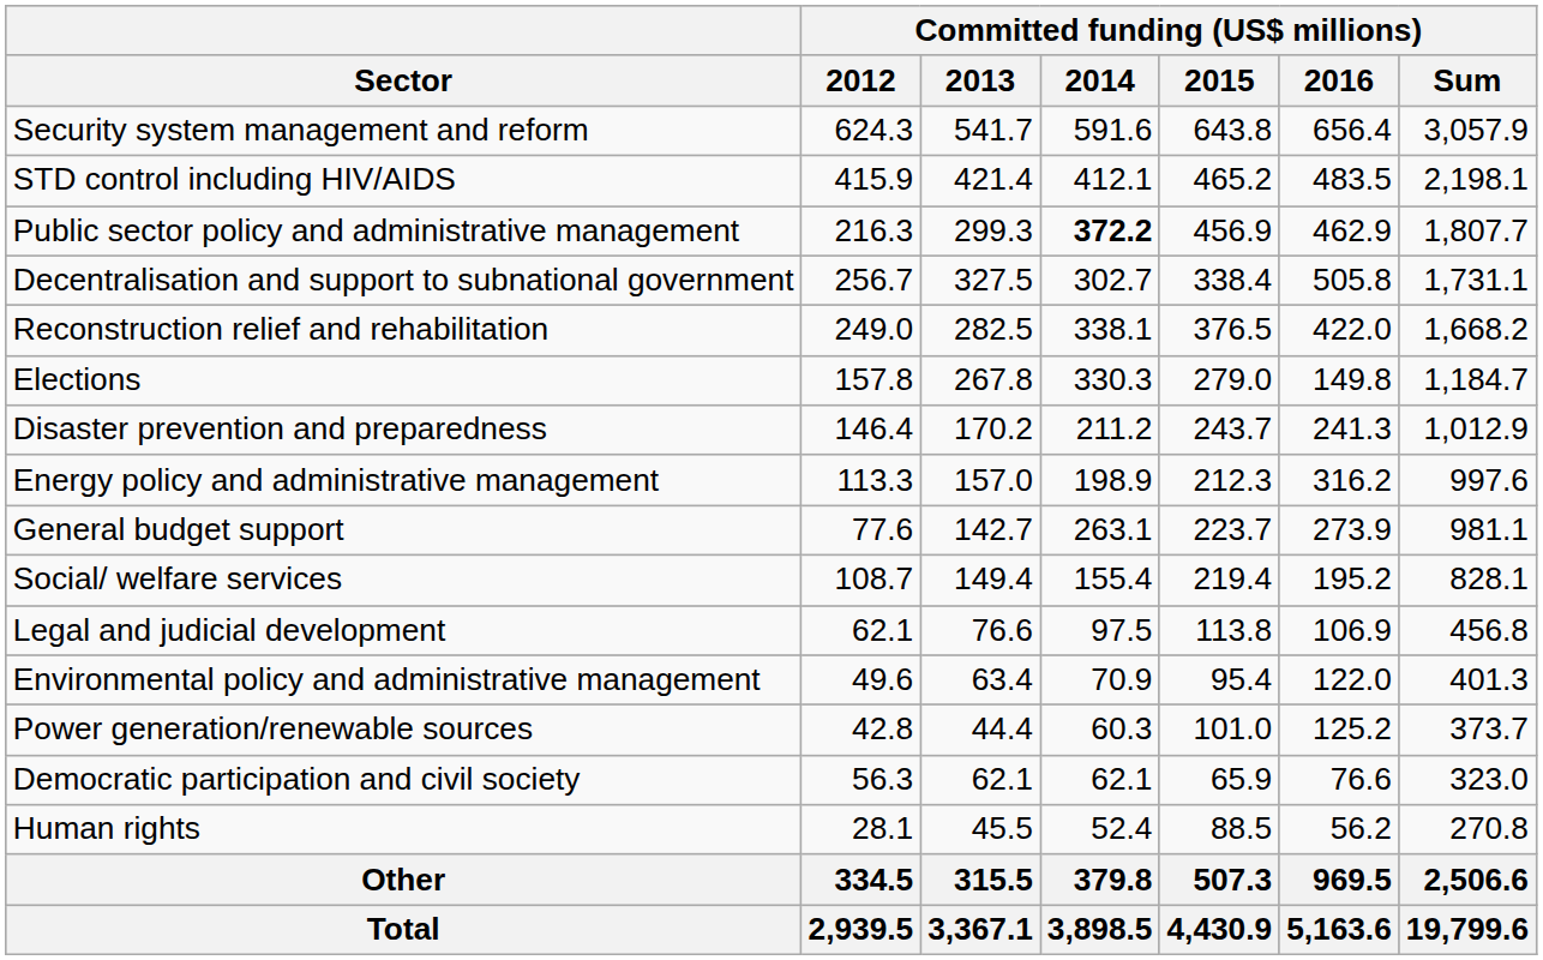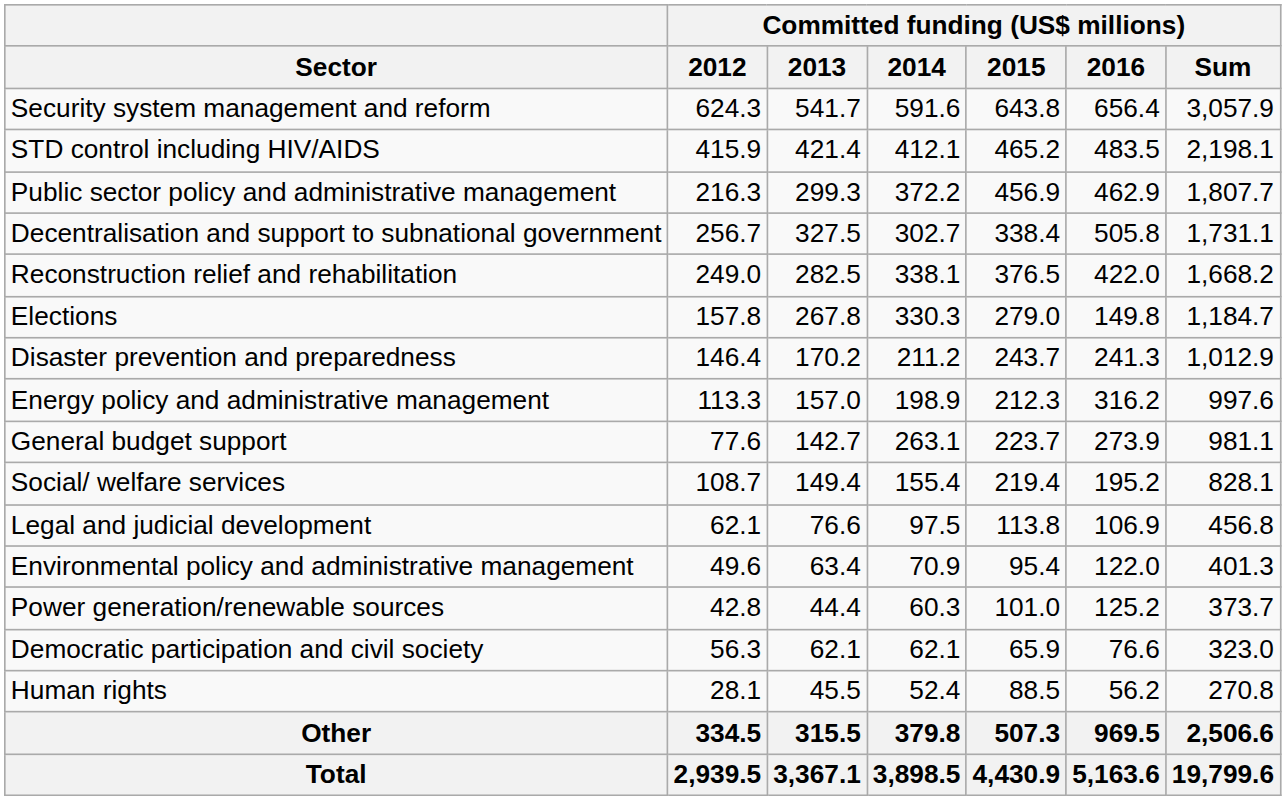 <table class="sortable wikitable">
 <tr>
 <th></th>
 <th colspan="7">Committed funding (US$ millions)</th>
 </tr>
 <tr>
 <th>Sector</th>
 <th>2012</th>
 <th>2013</th>
 <th>2014</th>
 <th>2015</th>
 <th>2016</th>
 <th>Sum</th>
 </tr>
 <tr>
 <td>Security system management and reform</td>
 <td style="text-align:right;">624.3</td>
 <td style="text-align:right;">541.7</td>
 <td style="text-align:right;">591.6</td>
 <td style="text-align:right;">643.8</td>
 <td style="text-align:right;">656.4</td>
 <td style="text-align:right;">3,057.9</td>
 </tr>
 <tr>
 <td>STD control including HIV/AIDS</td>
 <td style="text-align:right;">415.9</td>
 <td style="text-align:right;">421.4</td>
 <td style="text-align:right;">412.1</td>
 <td style="text-align:right;">465.2</td>
 <td style="text-align:right;">483.5</td>
 <td style="text-align:right;">2,198.1</td>
 </tr>
 <tr>
 <td>Public sector policy and administrative management</td>
 <td style="text-align:right;">216.3</td>
 <td style="text-align:right;">299.3</td>
-<td style="text-align:right;"><strong>372.2</strong></td>
+<td style="text-align:right;">372.2</td>
 <td style="text-align:right;">456.9</td>
 <td style="text-align:right;">462.9</td>
 <td style="text-align:right;">1,807.7</td>
 </tr>
 <tr>
 <td>Decentralisation and support to subnational government</td>
 <td style="text-align:right;">256.7</td>
 <td style="text-align:right;">327.5</td>
 <td style="text-align:right;">302.7</td>
 <td style="text-align:right;">338.4</td>
 <td style="text-align:right;">505.8</td>
 <td style="text-align:right;">1,731.1</td>
 </tr>
 <tr>
 <td>Reconstruction relief and rehabilitation</td>
 <td style="text-align:right;">249.0</td>
 <td style="text-align:right;">282.5</td>
 <td style="text-align:right;">338.1</td>
 <td style="text-align:right;">376.5</td>
 <td style="text-align:right;">422.0</td>
 <td style="text-align:right;">1,668.2</td>
 </tr>
 <tr>
 <td>Elections</td>
 <td style="text-align:right;">157.8</td>
 <td style="text-align:right;">267.8</td>
 <td style="text-align:right;">330.3</td>
 <td style="text-align:right;">279.0</td>
 <td style="text-align:right;">149.8</td>
 <td style="text-align:right;">1,184.7</td>
 </tr>
 <tr>
 <td>Disaster prevention and preparedness</td>
 <td style="text-align:right;">146.4</td>
 <td style="text-align:right;">170.2</td>
 <td style="text-align:right;">211.2</td>
 <td style="text-align:right;">243.7</td>
 <td style="text-align:right;">241.3</td>
 <td style="text-align:right;">1,012.9</td>
 </tr>
 <tr>
 <td>Energy policy and administrative management</td>
 <td style="text-align:right;">113.3</td>
 <td style="text-align:right;">157.0</td>
 <td style="text-align:right;">198.9</td>
 <td style="text-align:right;">212.3</td>
 <td style="text-align:right;">316.2</td>
 <td style="text-align:right;">997.6</td>
 </tr>
 <tr>
 <td>General budget support</td>
 <td style="text-align:right;">77.6</td>
 <td style="text-align:right;">142.7</td>
 <td style="text-align:right;">263.1</td>
 <td style="text-align:right;">223.7</td>
 <td style="text-align:right;">273.9</td>
 <td style="text-align:right;">981.1</td>
 </tr>
 <tr>
 <td>Social/ welfare services</td>
 <td style="text-align:right;">108.7</td>
 <td style="text-align:right;">149.4</td>
 <td style="text-align:right;">155.4</td>
 <td style="text-align:right;">219.4</td>
 <td style="text-align:right;">195.2</td>
 <td style="text-align:right;">828.1</td>
 </tr>
 <tr>
 <td>Legal and judicial development</td>
 <td style="text-align:right;">62.1</td>
 <td style="text-align:right;">76.6</td>
 <td style="text-align:right;">97.5</td>
 <td style="text-align:right;">113.8</td>
 <td style="text-align:right;">106.9</td>
 <td style="text-align:right;">456.8</td>
 </tr>
 <tr>
 <td>Environmental policy and administrative management</td>
 <td style="text-align:right;">49.6</td>
 <td style="text-align:right;">63.4</td>
 <td style="text-align:right;">70.9</td>
 <td style="text-align:right;">95.4</td>
 <td style="text-align:right;">122.0</td>
 <td style="text-align:right;">401.3</td>
 </tr>
 <tr>
 <td>Power generation/renewable sources</td>
 <td style="text-align:right;">42.8</td>
 <td style="text-align:right;">44.4</td>
 <td style="text-align:right;">60.3</td>
 <td style="text-align:right;">101.0</td>
 <td style="text-align:right;">125.2</td>
 <td style="text-align:right;">373.7</td>
 </tr>
 <tr>
 <td>Democratic participation and civil society</td>
 <td style="text-align:right;">56.3</td>
 <td style="text-align:right;">62.1</td>
 <td style="text-align:right;">62.1</td>
 <td style="text-align:right;">65.9</td>
 <td style="text-align:right;">76.6</td>
 <td style="text-align:right;">323.0</td>
 </tr>
 <tr>
 <td>Human rights</td>
 <td style="text-align:right;">28.1</td>
 <td style="text-align:right;">45.5</td>
 <td style="text-align:right;">52.4</td>
 <td style="text-align:right;">88.5</td>
 <td style="text-align:right;">56.2</td>
 <td style="text-align:right;">270.8</td>
 </tr>
 <tr>
 <th>Other</th>
 <th style="text-align:right;">334.5</th>
 <th style="text-align:right;">315.5</th>
 <th style="text-align:right;">379.8</th>
 <th style="text-align:right;">507.3</th>
 <th style="text-align:right;">969.5</th>
 <th style="text-align:right;">2,506.6</th>
 </tr>
 <tr>
 <th>Total</th>
 <th style="text-align:right;">2,939.5</th>
 <th style="text-align:right;">3,367.1</th>
 <th style="text-align:right;">3,898.5</th>
 <th style="text-align:right;">4,430.9</th>
 <th style="text-align:right;">5,163.6</th>
 <th style="text-align:right;">19,799.6</th>
 </tr>
 </table>
